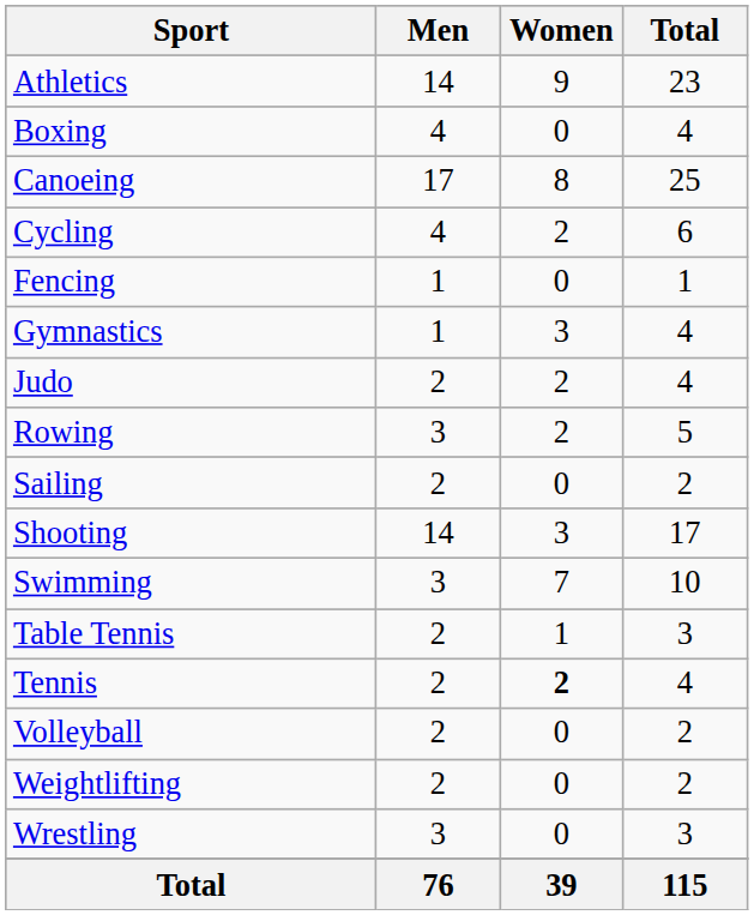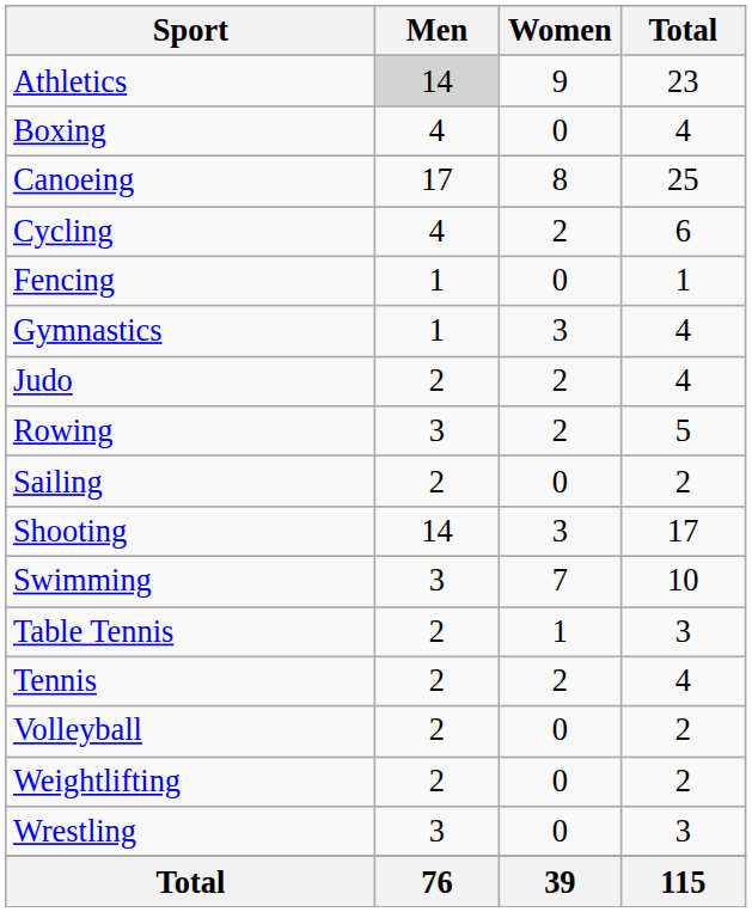 <table class="wikitable sortable" style="text-align:center;">
 <tr>
 <th width=180>Sport</th>
 <th width=55>Men</th>
 <th width=55>Women</th>
 <th width=55>Total</th>
 </tr>
 <tr>
 <td align=left><a href='#'>Athletics</a></td>
-<td>14</td>
+<td style="background: lightgrey;">14</td>
 <td>9</td>
 <td>23</td>
 </tr>
 <tr>
 <td align=left><a href='#'>Boxing</a></td>
 <td>4</td>
 <td>0</td>
 <td>4</td>
 </tr>
 <tr>
 <td align=left><a href='#'>Canoeing</a></td>
 <td>17</td>
 <td>8</td>
 <td>25</td>
 </tr>
 <tr>
 <td align=left><a href='#'>Cycling</a></td>
 <td>4</td>
 <td>2</td>
 <td>6</td>
 </tr>
 <tr>
 <td align=left><a href='#'>Fencing</a></td>
 <td>1</td>
 <td>0</td>
 <td>1</td>
 </tr>
 <tr>
 <td align=left><a href='#'>Gymnastics</a></td>
 <td>1</td>
 <td>3</td>
 <td>4</td>
 </tr>
 <tr>
 <td align=left><a href='#'>Judo</a></td>
 <td>2</td>
 <td>2</td>
 <td>4</td>
 </tr>
 <tr>
 <td align=left><a href='#'>Rowing</a></td>
 <td>3</td>
 <td>2</td>
 <td>5</td>
 </tr>
 <tr>
 <td align=left><a href='#'>Sailing</a></td>
 <td>2</td>
 <td>0</td>
 <td>2</td>
 </tr>
 <tr>
 <td align=left><a href='#'>Shooting</a></td>
 <td>14</td>
 <td>3</td>
 <td>17</td>
 </tr>
 <tr>
 <td align=left><a href='#'>Swimming</a></td>
 <td>3</td>
 <td>7</td>
 <td>10</td>
 </tr>
 <tr>
 <td align=left><a href='#'>Table Tennis</a></td>
 <td>2</td>
 <td>1</td>
 <td>3</td>
 </tr>
 <tr>
 <td align=left><a href='#'>Tennis</a></td>
 <td>2</td>
-<td><strong>2</strong></td>
+<td>2</td>
 <td>4</td>
 </tr>
 <tr>
 <td align=left><a href='#'>Volleyball</a></td>
 <td>2</td>
 <td>0</td>
 <td>2</td>
 </tr>
 <tr>
 <td align=left><a href='#'>Weightlifting</a></td>
 <td>2</td>
 <td>0</td>
 <td>2</td>
 </tr>
 <tr>
 <td align=left><a href='#'>Wrestling</a></td>
 <td>3</td>
 <td>0</td>
 <td>3</td>
 </tr>
 <tr>
 </tr>
 <tr class="sortbottom">
 <th>Total</th>
 <th>76</th>
 <th>39</th>
 <th>115</th>
 </tr>
 </table>
